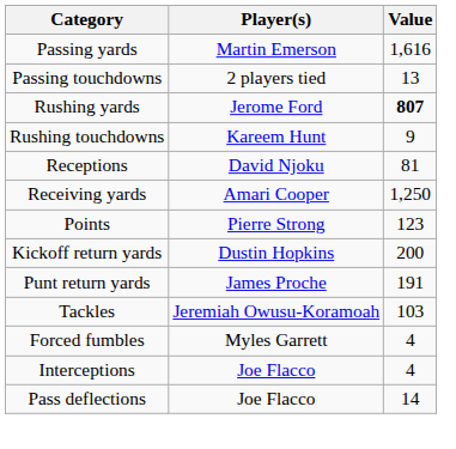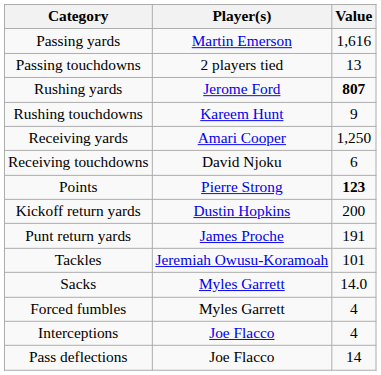 <table class="wikitable" style="text-align:center">
 <tr>
 <th>Category</th>
 <th>Player(s)</th>
 <th>Value</th>
 </tr>
 <tr>
 <td>Passing yards</td>
 <td><a href='#'>Martin Emerson</a></td>
 <td>1,616</td>
 </tr>
 <tr>
 <td>Passing touchdowns</td>
 <td>2 players tied</td>
 <td>13</td>
 </tr>
 <tr>
 <td>Rushing yards</td>
 <td><a href='#'>Jerome Ford</a></td>
 <td><strong>807</strong></td>
 </tr>
 <tr>
 <td>Rushing touchdowns</td>
 <td><a href='#'>Kareem Hunt</a></td>
 <td>9</td>
 </tr>
 <tr>
-<td>Receptions</td>
-<td><a href='#'>David Njoku</a></td>
-<td>81</td>
-</tr>
-<tr>
 <td>Receiving yards</td>
 <td><a href='#'>Amari Cooper</a></td>
 <td>1,250</td>
 </tr>
 <tr>
+<td>Receiving touchdowns</td>
+<td>David Njoku</td>
+<td>6</td>
+</tr>
+<tr>
 <td>Points</td>
 <td><a href='#'>Pierre Strong</a></td>
-<td>123</td>
+<td><strong>123</strong></td>
 </tr>
 <tr>
 <td>Kickoff return yards</td>
 <td><a href='#'>Dustin Hopkins</a></td>
 <td>200</td>
 </tr>
 <tr>
 <td>Punt return yards</td>
 <td><a href='#'>James Proche</a></td>
 <td>191</td>
 </tr>
 <tr>
 <td>Tackles</td>
 <td><a href='#'>Jeremiah Owusu-Koramoah</a></td>
-<td>103</td>
+<td>101</td>
+</tr>
+<tr>
+<td>Sacks</td>
+<td><a href='#'>Myles Garrett</a></td>
+<td>14.0</td>
 </tr>
 <tr>
 <td>Forced fumbles</td>
 <td>Myles Garrett</td>
 <td>4</td>
 </tr>
 <tr>
 <td>Interceptions</td>
 <td><a href='#'>Joe Flacco</a></td>
 <td>4</td>
 </tr>
 <tr>
 <td>Pass deflections</td>
 <td>Joe Flacco</td>
 <td>14</td>
 </tr>
 </table>
